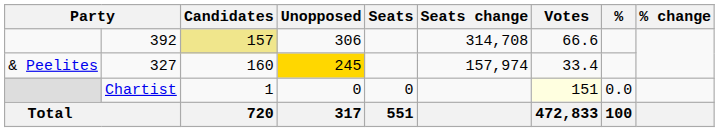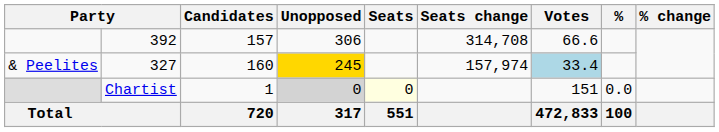 <table class="wikitable sortable">
 <tr>
 <th colspan=2>Party</th>
 <th>Candidates</th>
 <th>Unopposed</th>
 <th>Seats</th>
 <th>Seats change</th>
 <th>Votes</th>
 <th>%</th>
 <th>% change</th>
 </tr>
 <tr>
 <td></td>
 <td align=right>392</td>
-<td align=right style="background: khaki;">157</td>
+<td align=right>157</td>
 <td align=right>306</td>
 <td align=right></td>
 <td align=right>314,708</td>
 <td align=right>66.6</td>
 <td align=right></td>
 </tr>
 <tr>
 <td> & <a href='#'>Peelites</a></td>
 <td align=right>327</td>
 <td align=right>160</td>
 <td align=right style="background: gold;">245</td>
 <td align=right></td>
 <td align=right>157,974</td>
-<td align=right>33.4</td>
+<td align=right style="background: lightblue;">33.4</td>
 <td align=right></td>
 </tr>
 <tr>
 <td bgcolor="#DDDDDD"></td>
 <td><a href='#'>Chartist</a></td>
 <td align=right>1</td>
-<td align=right>0</td>
-<td align=right>0</td>
+<td align=right style="background: lightgrey;">0</td>
+<td align=right style="background: lightyellow;">0</td>
 <td align=right></td>
-<td align=right style="background: lightyellow;">151</td>
+<td align=right>151</td>
 <td align=right>0.0</td>
 <td align=right></td>
 </tr>
 <tr class="sortbottom" style="font-weight: bold; text-align: right; background: #f2f2f2;">
 <th colspan="2" style="padding-left: 1.5em; text-align: left;">Total</th>
 <td align=right>720</td>
 <td align=right>317</td>
 <td align=right>551</td>
 <td align=right></td>
 <td align=right>472,833</td>
 <td align=right>100</td>
 <td align=right></td>
 </tr>
 </table>
